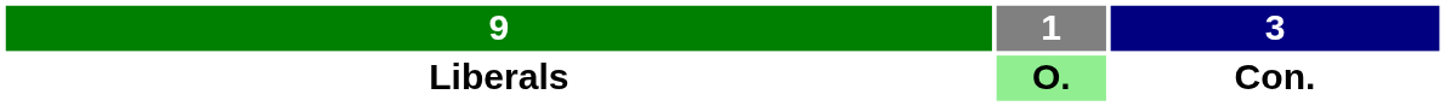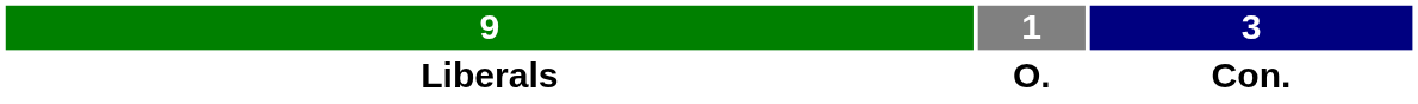 <table style="width:50%; text-align:center;">
 <tr style="color:white;">
 <td style="background:green; width:69.23%;"><strong>9</strong></td>
 <td style="background:gray; width:7.69%;"><strong>1</strong></td>
 <td style="background:navy; width:23.08%;"><strong>3</strong></td>
 </tr>
 <tr>
 <td><span><strong>Liberals</strong></span></td>
-<td style="background: lightgreen;"><span><strong>O.</strong></span></td>
+<td><span><strong>O.</strong></span></td>
 <td><span><strong>Con.</strong></span></td>
 </tr>
 <tr>
 </tr>
 </table>
